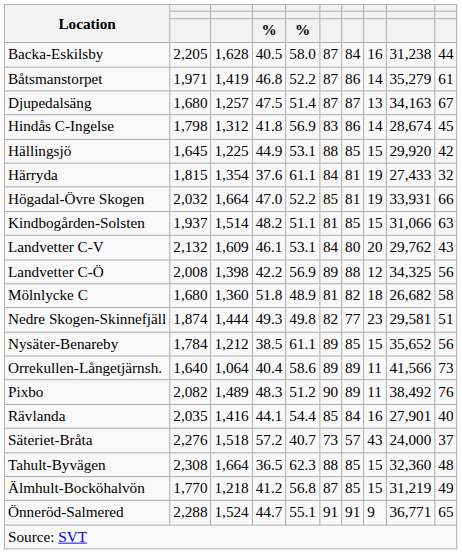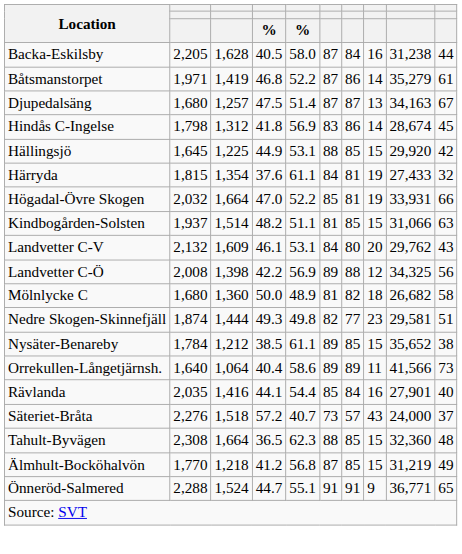 <table role="presentation" class="wikitable sortable mw-collapsible">
 <tr>
 <th rowspan="3">Location</th>
 <th></th>
 <th></th>
 <th></th>
 <th></th>
 <th></th>
 <th></th>
 <th></th>
 <th></th>
 <th></th>
 </tr>
 <tr>
 <th></th>
 <th></th>
 <th style="background:"></th>
 <th style="background:"></th>
 <th></th>
 <th></th>
 <th></th>
 <th></th>
 <th></th>
 </tr>
 <tr>
 <th data-sort-type="number"></th>
 <th data-sort-type="number"></th>
 <th data-sort-type="number">%</th>
 <th data-sort-type="number">%</th>
 <th data-sort-type="number"></th>
 <th data-sort-type="number"></th>
 <th data-sort-type="number"></th>
 <th data-sort-type="number"></th>
 <th data-sort-type="number"></th>
 </tr>
 <tr>
 <td align="left">Backa-Eskilsby</td>
 <td>2,205</td>
 <td>1,628</td>
 <td>40.5</td>
 <td>58.0</td>
 <td>87</td>
 <td>84</td>
 <td>16</td>
 <td>31,238</td>
 <td>44</td>
 </tr>
 <tr>
 <td align="left">Båtsmanstorpet</td>
 <td>1,971</td>
 <td>1,419</td>
 <td>46.8</td>
 <td>52.2</td>
 <td>87</td>
 <td>86</td>
 <td>14</td>
 <td>35,279</td>
 <td>61</td>
 </tr>
 <tr>
 <td align="left">Djupedalsäng</td>
 <td>1,680</td>
 <td>1,257</td>
 <td>47.5</td>
 <td>51.4</td>
 <td>87</td>
 <td>87</td>
 <td>13</td>
 <td>34,163</td>
 <td>67</td>
 </tr>
 <tr>
 <td align="left">Hindås C-Ingelse</td>
 <td>1,798</td>
 <td>1,312</td>
 <td>41.8</td>
 <td>56.9</td>
 <td>83</td>
 <td>86</td>
 <td>14</td>
 <td>28,674</td>
 <td>45</td>
 </tr>
 <tr>
 <td align="left">Hällingsjö</td>
 <td>1,645</td>
 <td>1,225</td>
 <td>44.9</td>
 <td>53.1</td>
 <td>88</td>
 <td>85</td>
 <td>15</td>
 <td>29,920</td>
 <td>42</td>
 </tr>
 <tr>
 <td align="left">Härryda</td>
 <td>1,815</td>
 <td>1,354</td>
 <td>37.6</td>
 <td>61.1</td>
 <td>84</td>
 <td>81</td>
 <td>19</td>
 <td>27,433</td>
 <td>32</td>
 </tr>
 <tr>
 <td align="left">Högadal-Övre Skogen</td>
 <td>2,032</td>
 <td>1,664</td>
 <td>47.0</td>
 <td>52.2</td>
 <td>85</td>
 <td>81</td>
 <td>19</td>
 <td>33,931</td>
 <td>66</td>
 </tr>
 <tr>
 <td align="left">Kindbogården-Solsten</td>
 <td>1,937</td>
 <td>1,514</td>
 <td>48.2</td>
 <td>51.1</td>
 <td>81</td>
 <td>85</td>
 <td>15</td>
 <td>31,066</td>
 <td>63</td>
 </tr>
 <tr>
 <td align="left">Landvetter C-V</td>
 <td>2,132</td>
 <td>1,609</td>
 <td>46.1</td>
 <td>53.1</td>
 <td>84</td>
 <td>80</td>
 <td>20</td>
 <td>29,762</td>
 <td>43</td>
 </tr>
 <tr>
 <td align="left">Landvetter C-Ö</td>
 <td>2,008</td>
 <td>1,398</td>
 <td>42.2</td>
 <td>56.9</td>
 <td>89</td>
 <td>88</td>
 <td>12</td>
 <td>34,325</td>
 <td>56</td>
 </tr>
 <tr>
 <td align="left">Mölnlycke C</td>
 <td>1,680</td>
 <td>1,360</td>
-<td>51.8</td>
+<td>50.0</td>
 <td>48.9</td>
 <td>81</td>
 <td>82</td>
 <td>18</td>
 <td>26,682</td>
 <td>58</td>
 </tr>
 <tr>
 <td align="left">Nedre Skogen-Skinnefjäll</td>
 <td>1,874</td>
 <td>1,444</td>
 <td>49.3</td>
 <td>49.8</td>
 <td>82</td>
 <td>77</td>
 <td>23</td>
 <td>29,581</td>
 <td>51</td>
 </tr>
 <tr>
 <td align="left">Nysäter-Benareby</td>
 <td>1,784</td>
 <td>1,212</td>
 <td>38.5</td>
 <td>61.1</td>
 <td>89</td>
 <td>85</td>
 <td>15</td>
 <td>35,652</td>
-<td>56</td>
+<td>38</td>
 </tr>
 <tr>
 <td align="left">Orrekullen-Långetjärnsh.</td>
 <td>1,640</td>
 <td>1,064</td>
 <td>40.4</td>
 <td>58.6</td>
 <td>89</td>
 <td>89</td>
 <td>11</td>
 <td>41,566</td>
 <td>73</td>
-</tr>
-<tr>
-<td align="left">Pixbo</td>
-<td>2,082</td>
-<td>1,489</td>
-<td>48.3</td>
-<td>51.2</td>
-<td>90</td>
-<td>89</td>
-<td>11</td>
-<td>38,492</td>
-<td>76</td>
 </tr>
 <tr>
 <td align="left">Rävlanda</td>
 <td>2,035</td>
 <td>1,416</td>
 <td>44.1</td>
 <td>54.4</td>
 <td>85</td>
 <td>84</td>
 <td>16</td>
 <td>27,901</td>
 <td>40</td>
 </tr>
 <tr>
 <td align="left">Säteriet-Bråta</td>
 <td>2,276</td>
 <td>1,518</td>
 <td>57.2</td>
 <td>40.7</td>
 <td>73</td>
 <td>57</td>
 <td>43</td>
 <td>24,000</td>
 <td>37</td>
 </tr>
 <tr>
 <td align="left">Tahult-Byvägen</td>
 <td>2,308</td>
 <td>1,664</td>
 <td>36.5</td>
 <td>62.3</td>
 <td>88</td>
 <td>85</td>
 <td>15</td>
 <td>32,360</td>
 <td>48</td>
 </tr>
 <tr>
 <td align="left">Älmhult-Bocköhalvön</td>
 <td>1,770</td>
 <td>1,218</td>
 <td>41.2</td>
 <td>56.8</td>
 <td>87</td>
 <td>85</td>
 <td>15</td>
 <td>31,219</td>
 <td>49</td>
 </tr>
 <tr>
 <td align="left">Önneröd-Salmered</td>
 <td>2,288</td>
 <td>1,524</td>
 <td>44.7</td>
 <td>55.1</td>
 <td>91</td>
 <td>91</td>
 <td>9</td>
 <td>36,771</td>
 <td>65</td>
 </tr>
 <tr>
 <td colspan="10" align="left">Source: <a href='#'>SVT</a></td>
 </tr>
 </table>
